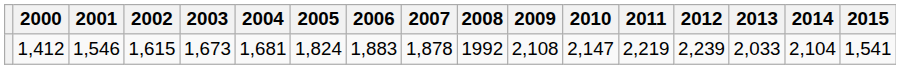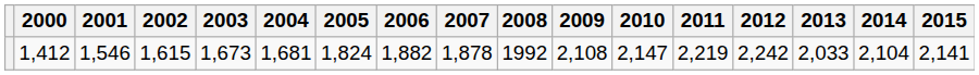 <table class="wikitable">
 <tr>
 <th></th>
 <th>2000</th>
 <th>2001</th>
 <th>2002</th>
 <th>2003</th>
 <th>2004</th>
 <th>2005</th>
 <th>2006</th>
 <th>2007</th>
 <th>2008</th>
 <th>2009</th>
 <th>2010</th>
 <th>2011</th>
 <th>2012</th>
 <th>2013</th>
 <th>2014</th>
 <th>2015</th>
 </tr>
 <tr>
 <th></th>
 <td>1,412</td>
 <td>1,546</td>
 <td>1,615</td>
 <td>1,673</td>
 <td>1,681</td>
 <td>1,824</td>
-<td>1,883</td>
+<td>1,882</td>
 <td>1,878</td>
 <td>1992</td>
 <td>2,108</td>
 <td>2,147</td>
 <td>2,219</td>
-<td>2,239</td>
+<td>2,242</td>
 <td>2,033</td>
 <td>2,104</td>
-<td>1,541</td>
+<td>2,141</td>
 </tr>
 </table>
